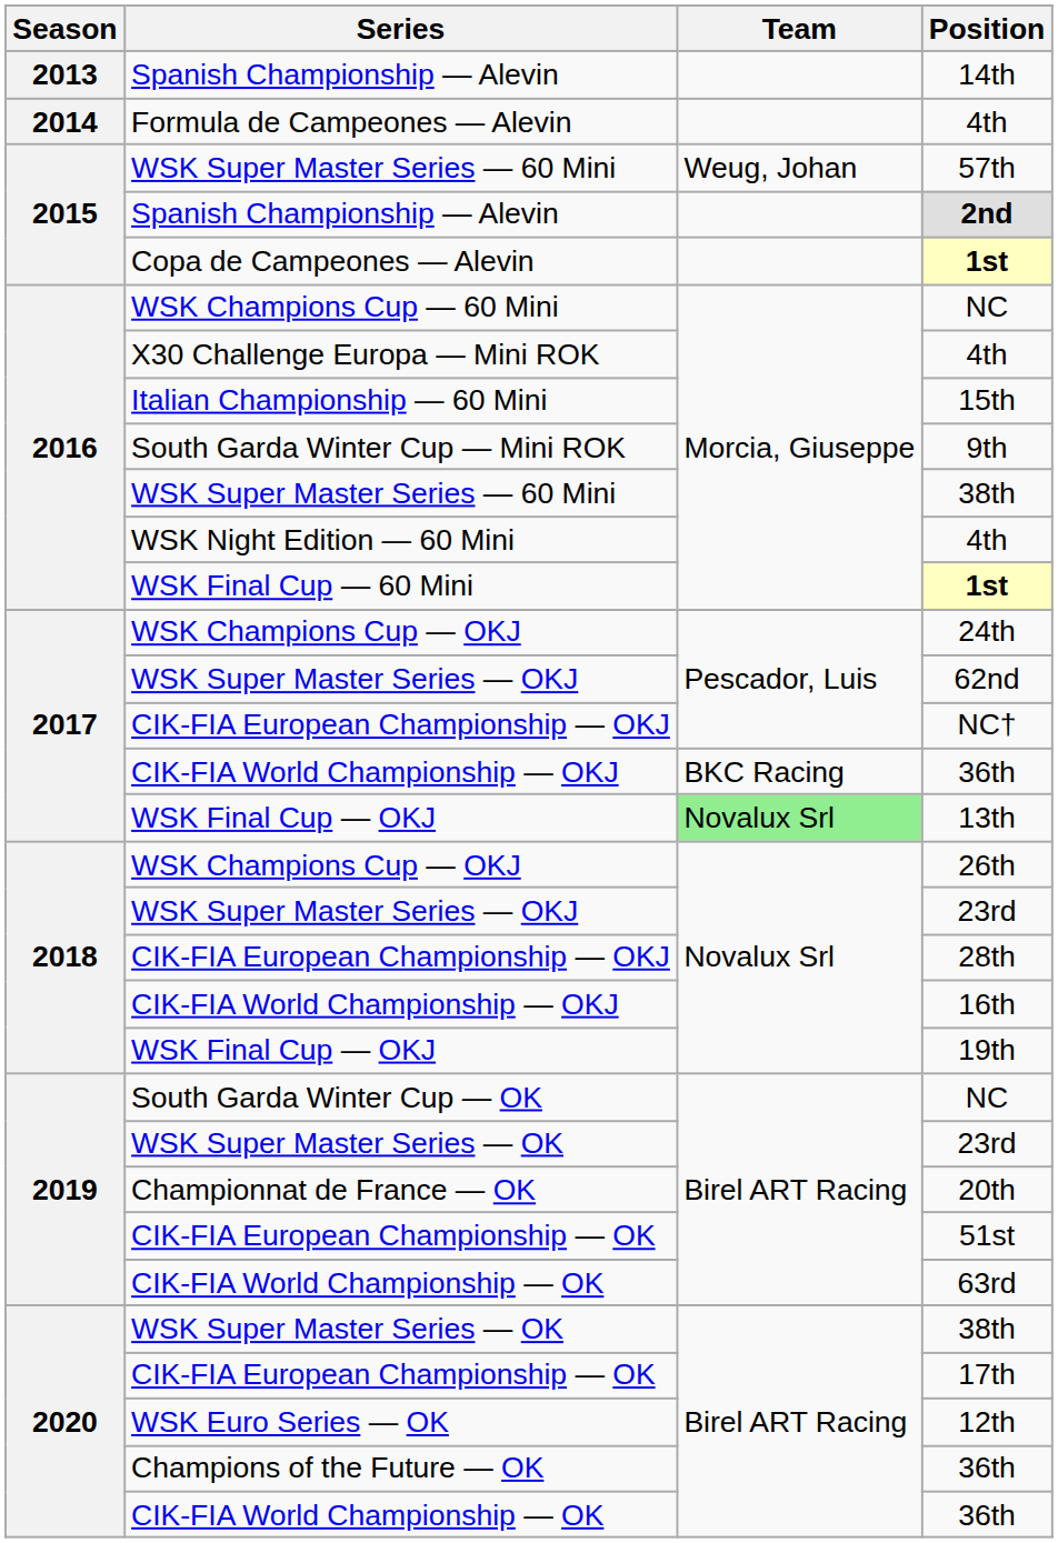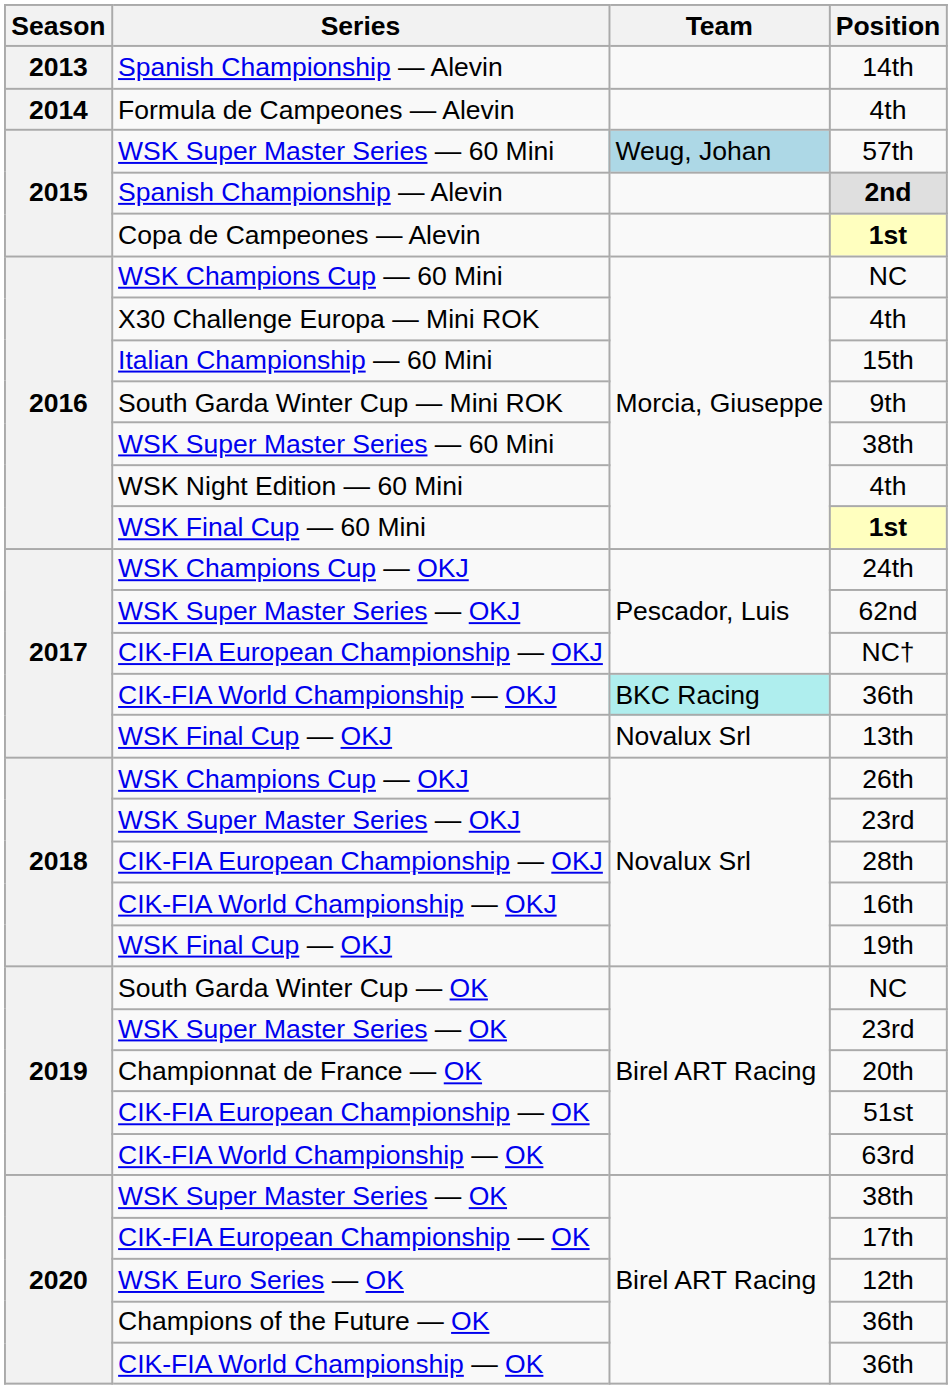 <table class="wikitable" style="font-size: 85%; text-align:center">
 <tr>
 <th>Season</th>
 <th>Series</th>
 <th>Team</th>
 <th>Position</th>
 </tr>
 <tr>
 <th>2013</th>
 <td align="left"><a href='#'>Spanish Championship</a> — Alevin</td>
 <td align="left"></td>
 <td>14th</td>
 </tr>
 <tr>
 <th>2014</th>
 <td align="left">Formula de Campeones — Alevin</td>
 <td align="left"></td>
 <td>4th</td>
 </tr>
 <tr>
 <th rowspan="3">2015</th>
 <td align="left"><a href='#'>WSK Super Master Series</a> — 60 Mini</td>
-<td align="left">Weug, Johan</td>
+<td align="left" style="background: lightblue;">Weug, Johan</td>
 <td>57th</td>
 </tr>
 <tr>
 <td align="left"><a href='#'>Spanish Championship</a> — Alevin</td>
 <td align="left"></td>
 <td style="background:#DFDFDF;"><strong>2nd</strong></td>
 </tr>
 <tr>
 <td align="left">Copa de Campeones — Alevin</td>
 <td align="left"></td>
 <td style="background:#FFFFBF;"><strong>1st</strong></td>
 </tr>
 <tr>
 <th rowspan="7">2016</th>
 <td align="left"><a href='#'>WSK Champions Cup</a> — 60 Mini</td>
 <td rowspan="7"  align="left">Morcia, Giuseppe</td>
 <td>NC</td>
 </tr>
 <tr>
 <td align="left">X30 Challenge Europa — Mini ROK</td>
 <td>4th</td>
 </tr>
 <tr>
 <td align="left"><a href='#'>Italian Championship</a> — 60 Mini</td>
 <td>15th</td>
 </tr>
 <tr>
 <td align="left">South Garda Winter Cup — Mini ROK</td>
 <td>9th</td>
 </tr>
 <tr>
 <td align="left"><a href='#'>WSK Super Master Series</a> — 60 Mini</td>
 <td>38th</td>
 </tr>
 <tr>
 <td align="left">WSK Night Edition — 60 Mini</td>
 <td>4th</td>
 </tr>
 <tr>
 <td align="left"><a href='#'>WSK Final Cup</a> — 60 Mini</td>
 <td style="background:#FFFFBF;"><strong>1st</strong></td>
 </tr>
 <tr>
 <th rowspan="5">2017</th>
 <td align="left"><a href='#'>WSK Champions Cup</a> — <a href='#'>OKJ</a></td>
 <td rowspan="3" align="left">Pescador, Luis</td>
 <td>24th</td>
 </tr>
 <tr>
 <td align="left"><a href='#'>WSK Super Master Series</a> — <a href='#'>OKJ</a></td>
 <td>62nd</td>
 </tr>
 <tr>
 <td align="left"><a href='#'>CIK-FIA European Championship</a> — <a href='#'>OKJ</a></td>
 <td>NC†</td>
 </tr>
 <tr>
 <td align="left"><a href='#'>CIK-FIA World Championship</a> — <a href='#'>OKJ</a></td>
-<td align="left">BKC Racing</td>
+<td align="left" style="background: paleturquoise;">BKC Racing</td>
 <td>36th</td>
 </tr>
 <tr>
 <td align="left"><a href='#'>WSK Final Cup</a> — <a href='#'>OKJ</a></td>
-<td align="left" style="background: lightgreen;">Novalux Srl</td>
+<td align="left">Novalux Srl</td>
 <td>13th</td>
 </tr>
 <tr>
 <th rowspan="5">2018</th>
 <td align="left"><a href='#'>WSK Champions Cup</a> — <a href='#'>OKJ</a></td>
 <td rowspan="5"  align="left">Novalux Srl</td>
 <td>26th</td>
 </tr>
 <tr>
 <td align="left"><a href='#'>WSK Super Master Series</a> — <a href='#'>OKJ</a></td>
 <td>23rd</td>
 </tr>
 <tr>
 <td align="left"><a href='#'>CIK-FIA European Championship</a> — <a href='#'>OKJ</a></td>
 <td>28th</td>
 </tr>
 <tr>
 <td align="left"><a href='#'>CIK-FIA World Championship</a> — <a href='#'>OKJ</a></td>
 <td>16th</td>
 </tr>
 <tr>
 <td align="left"><a href='#'>WSK Final Cup</a> — <a href='#'>OKJ</a></td>
 <td>19th</td>
 </tr>
 <tr>
 <th rowspan="5">2019</th>
 <td align="left">South Garda Winter Cup — <a href='#'>OK</a></td>
 <td rowspan="5"  align="left">Birel ART Racing</td>
 <td>NC</td>
 </tr>
 <tr>
 <td align="left"><a href='#'>WSK Super Master Series</a> — <a href='#'>OK</a></td>
 <td>23rd</td>
 </tr>
 <tr>
 <td align="left">Championnat de France — <a href='#'>OK</a></td>
 <td>20th</td>
 </tr>
 <tr>
 <td align="left"><a href='#'>CIK-FIA European Championship</a> — <a href='#'>OK</a></td>
 <td>51st</td>
 </tr>
 <tr>
 <td align="left"><a href='#'>CIK-FIA World Championship</a> — <a href='#'>OK</a></td>
 <td>63rd</td>
 </tr>
 <tr>
 <th rowspan="5">2020</th>
 <td align="left"><a href='#'>WSK Super Master Series</a> — <a href='#'>OK</a></td>
 <td rowspan="5"  align="left">Birel ART Racing</td>
 <td>38th</td>
 </tr>
 <tr>
 <td align="left"><a href='#'>CIK-FIA European Championship</a> — <a href='#'>OK</a></td>
 <td>17th</td>
 </tr>
 <tr>
 <td align="left"><a href='#'>WSK Euro Series</a> — <a href='#'>OK</a></td>
 <td>12th</td>
 </tr>
 <tr>
 <td align="left">Champions of the Future — <a href='#'>OK</a></td>
 <td>36th</td>
 </tr>
 <tr>
 <td align="left"><a href='#'>CIK-FIA World Championship</a> — <a href='#'>OK</a></td>
 <td>36th</td>
 </tr>
 </table>
